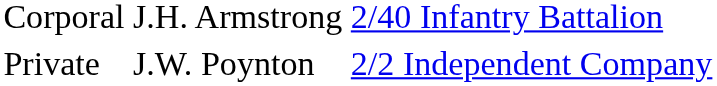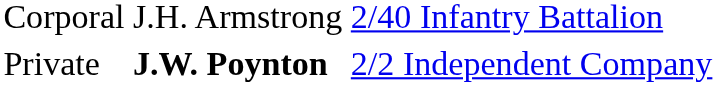 <table>
 <tr>
 <td>Corporal</td>
 <td>J.H. Armstrong</td>
 <td> <a href='#'>2/40 Infantry Battalion</a></td>
 </tr>
 <tr>
 <td>Private</td>
-<td>J.W. Poynton</td>
+<td><strong>J.W. Poynton</strong></td>
 <td> <a href='#'>2/2 Independent Company</a></td>
 </tr>
 </table>
